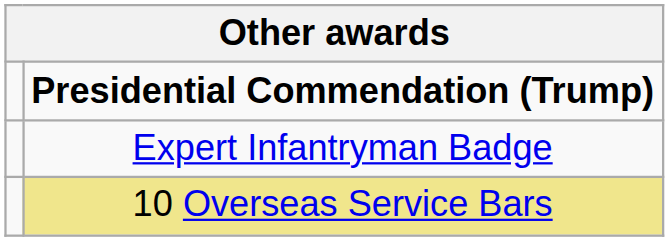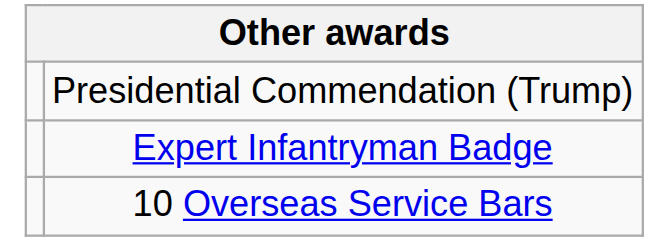 <table class="wikitable" style="margin:1em auto; margin:1em auto; text-align:center;">
 <tr>
 <th colspan="12">Other awards</th>
 </tr>
 <tr>
 <td></td>
-<td><strong>Presidential Commendation (Trump)</strong></td>
+<td>Presidential Commendation (Trump)</td>
 </tr>
 <tr>
 <td></td>
 <td><a href='#'>Expert Infantryman Badge</a></td>
 </tr>
 <tr>
 <td></td>
-<td style="background: khaki;">10 <a href='#'>Overseas Service Bars</a></td>
+<td>10 <a href='#'>Overseas Service Bars</a></td>
 </tr>
 </table>
